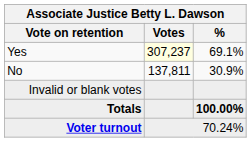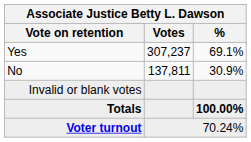 <table class="wikitable" style="font-size: 95%;">
 <tr style="background-color:#E9E9E9">
 <th colspan=7>Associate Justice Betty L. Dawson</th>
 </tr>
 <tr style="background-color:#E9E9E9">
 <th style="width: 170px">Vote on retention</th>
 <th style="width: 50px">Votes</th>
 <th style="width: 40px">%</th>
 </tr>
 <tr>
 <td>Yes</td>
-<td align="right" style="background: lightyellow;">307,237</td>
+<td align="right">307,237</td>
 <td align="right">69.1%</td>
 </tr>
 <tr>
 <td>No</td>
 <td align="right">137,811</td>
 <td align="right">30.9%</td>
 </tr>
 <tr bgcolor="#EEEEEE">
 <td align="right">Invalid or blank votes</td>
 <td align="right"></td>
 <td align="right"></td>
 </tr>
 <tr bgcolor="#EEEEEE">
 <td align="right"><strong>Totals</strong></td>
 <td align="right"><strong></strong></td>
 <td align="right"><strong>100.00%</strong></td>
 </tr>
 <tr bgcolor="#EEEEEE">
 <td align="right"><strong><a href='#'>Voter turnout</a></strong></td>
 <td colspan="2" align="right">70.24%</td>
 </tr>
 </table>
